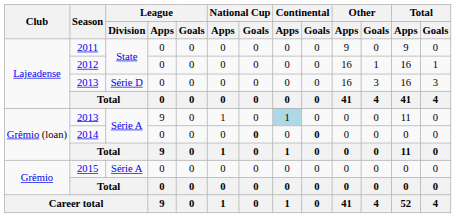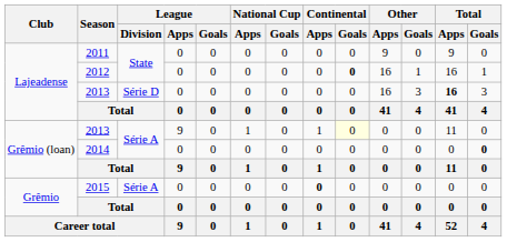 <table class="wikitable" style="font-size:96%; text-align: center;">
 <tr>
 <th rowspan="2">Club</th>
 <th rowspan="2">Season</th>
 <th colspan="3">League</th>
 <th colspan="2">National Cup</th>
 <th colspan="2">Continental</th>
 <th colspan="2">Other</th>
 <th colspan="2">Total</th>
 </tr>
 <tr>
 <th>Division</th>
 <th>Apps</th>
 <th>Goals</th>
 <th>Apps</th>
 <th>Goals</th>
 <th>Apps</th>
 <th>Goals</th>
 <th>Apps</th>
 <th>Goals</th>
 <th>Apps</th>
 <th>Goals</th>
 </tr>
 <tr>
 <td rowspan="4" valign="center"><a href='#'>Lajeadense</a></td>
 <td><a href='#'>2011</a></td>
 <td rowspan="2"><a href='#'>State</a></td>
 <td>0</td>
 <td>0</td>
 <td>0</td>
 <td>0</td>
 <td>0</td>
 <td>0</td>
 <td>9</td>
 <td>0</td>
 <td>9</td>
 <td>0</td>
 </tr>
 <tr>
 <td><a href='#'>2012</a></td>
 <td>0</td>
 <td>0</td>
 <td>0</td>
 <td>0</td>
 <td>0</td>
-<td>0</td>
+<td><strong>0</strong></td>
 <td>16</td>
 <td>1</td>
 <td>16</td>
 <td>1</td>
 </tr>
 <tr>
 <td><a href='#'>2013</a></td>
 <td><a href='#'>Série D</a></td>
 <td>0</td>
 <td>0</td>
 <td>0</td>
 <td>0</td>
 <td>0</td>
 <td>0</td>
 <td>16</td>
 <td>3</td>
-<td>16</td>
+<td><strong>16</strong></td>
 <td>3</td>
 </tr>
 <tr>
 <th colspan="2">Total</th>
 <th>0</th>
 <th>0</th>
 <th>0</th>
 <th>0</th>
 <th>0</th>
 <th>0</th>
 <th>41</th>
 <th>4</th>
 <th>41</th>
 <th>4</th>
 </tr>
 <tr>
 <td rowspan="3" valign="center"><a href='#'>Grêmio</a> (loan)</td>
 <td><a href='#'>2013</a></td>
 <td rowspan="2"><a href='#'>Série A</a></td>
 <td>9</td>
 <td>0</td>
 <td>1</td>
 <td>0</td>
-<td style="background: lightblue;">1</td>
-<td>0</td>
+<td>1</td>
+<td style="background: lightyellow;">0</td>
 <td>0</td>
 <td>0</td>
 <td>11</td>
 <td>0</td>
 </tr>
 <tr>
 <td><a href='#'>2014</a></td>
 <td>0</td>
 <td>0</td>
 <td>0</td>
-<td><strong>0</strong></td>
-<td>0</td>
-<td><strong>0</strong></td>
 <td>0</td>
 <td>0</td>
 <td>0</td>
 <td>0</td>
+<td>0</td>
+<td>0</td>
+<td><strong>0</strong></td>
 </tr>
 <tr>
 <th colspan="2">Total</th>
 <th>9</th>
 <th>0</th>
 <th>1</th>
 <th>0</th>
 <th>1</th>
 <th>0</th>
 <th>0</th>
 <th>0</th>
 <th>11</th>
 <th>0</th>
 </tr>
 <tr>
 <td rowspan="2" valign="center"><a href='#'>Grêmio</a></td>
 <td><a href='#'>2015</a></td>
 <td><a href='#'>Série A</a></td>
 <td>0</td>
 <td>0</td>
 <td>0</td>
 <td>0</td>
-<td>0</td>
+<td><strong>0</strong></td>
 <td>0</td>
 <td>0</td>
 <td>0</td>
 <td>0</td>
 <td>0</td>
 </tr>
 <tr>
 <th colspan="2">Total</th>
 <th>0</th>
 <th>0</th>
 <th>0</th>
 <th>0</th>
 <th>0</th>
 <th>0</th>
 <th>0</th>
 <th>0</th>
 <th>0</th>
 <th>0</th>
 </tr>
 <tr>
 <th colspan="3">Career total</th>
 <th>9</th>
 <th>0</th>
 <th>1</th>
 <th>0</th>
 <th>1</th>
 <th>0</th>
 <th>41</th>
 <th>4</th>
 <th>52</th>
 <th>4</th>
 </tr>
 </table>
